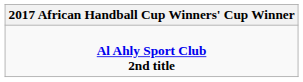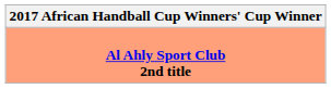 <table class=wikitable style="text-align:center; margin:auto">
 <tr>
 <th>2017 African Handball Cup Winners' Cup Winner</th>
 </tr>
 <tr>
-<td><br><strong><a href='#'>Al Ahly Sport Club</a></strong><br><strong>2nd title</strong></td>
+<td style="background: lightsalmon;"><br><strong><a href='#'>Al Ahly Sport Club</a></strong><br><strong>2nd title</strong></td>
 </tr>
 </table>
